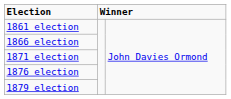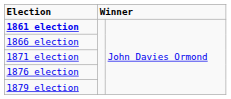 <table class="wikitable">
 <tr>
 <td width=125><strong>Election</strong></td>
 <td width=175 colspan=2><strong>Winner</strong></td>
 </tr>
 <tr>
-<td><a href='#'>1861 election</a></td>
+<td><strong><a href='#'>1861 election</a></strong></td>
 <td width=5 rowspan=5 bgcolor=></td>
 <td rowspan=5><a href='#'>John Davies Ormond</a></td>
 </tr>
 <tr>
 <td><a href='#'>1866 election</a></td>
 </tr>
 <tr>
 <td><a href='#'>1871 election</a></td>
 </tr>
 <tr>
 <td><a href='#'>1876 election</a></td>
 </tr>
 <tr>
 <td><a href='#'>1879 election</a></td>
 </tr>
 </table>
